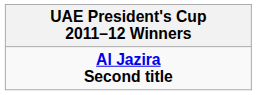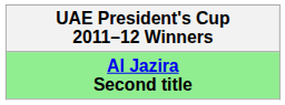 <table class="wikitable" style="text-align: center; margin: 0 auto; width: 20%">
 <tr>
 <th>UAE President's Cup <br>2011–12 Winners</th>
 </tr>
 <tr>
-<td><strong><a href='#'>Al Jazira</a></strong><br><strong>Second title</strong></td>
+<td style="background: lightgreen;"><strong><a href='#'>Al Jazira</a></strong><br><strong>Second title</strong></td>
 </tr>
 </table>
